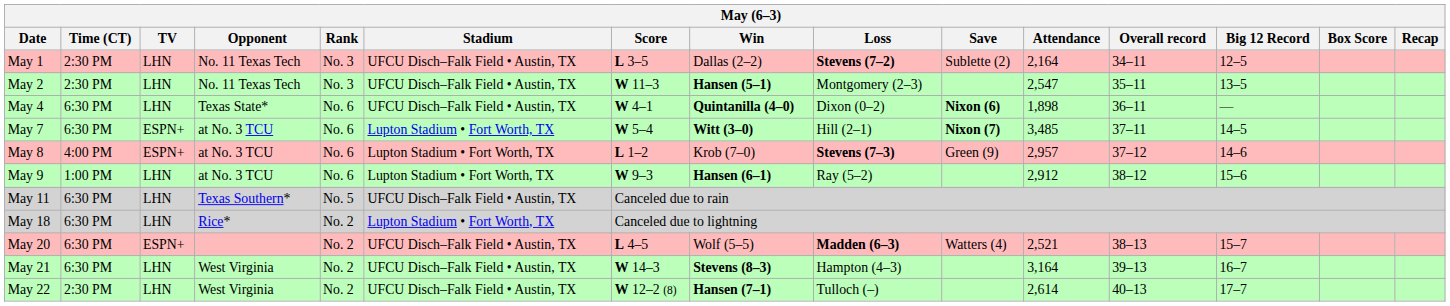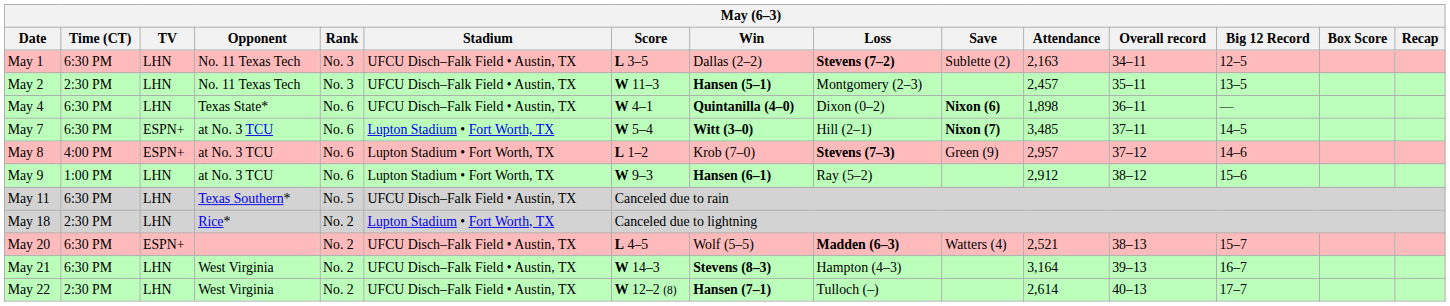 <table class="wikitable collapsible collapsed" style="margin:auto; font-size:95%; width:100%">
 <tr>
 <th colspan=15 style="padding-left:4em;">May (6–3)</th>
 </tr>
 <tr>
 <th>Date</th>
 <th>Time (CT)</th>
 <th>TV</th>
 <th>Opponent</th>
 <th>Rank</th>
 <th>Stadium</th>
 <th>Score</th>
 <th>Win</th>
 <th>Loss</th>
 <th>Save</th>
 <th>Attendance</th>
 <th>Overall record</th>
 <th>Big 12 Record</th>
 <th>Box Score</th>
 <th>Recap</th>
 </tr>
 <tr bgcolor=ffbbbb>
 <td>May 1</td>
-<td>2:30 PM</td>
+<td>6:30 PM</td>
 <td>LHN</td>
 <td>No. 11 Texas Tech</td>
 <td>No. 3</td>
 <td>UFCU Disch–Falk Field • Austin, TX</td>
 <td><strong>L</strong> 3–5</td>
 <td>Dallas (2–2)</td>
 <td><strong>Stevens (7–2)</strong></td>
 <td>Sublette (2)</td>
-<td>2,164</td>
+<td>2,163</td>
 <td>34–11</td>
 <td>12–5</td>
 <td></td>
 <td></td>
 </tr>
 <tr bgcolor=bbffbb>
 <td>May 2</td>
 <td>2:30 PM</td>
 <td>LHN</td>
 <td>No. 11 Texas Tech</td>
 <td>No. 3</td>
 <td>UFCU Disch–Falk Field • Austin, TX</td>
 <td><strong>W</strong> 11–3</td>
 <td><strong>Hansen (5–1)</strong></td>
 <td>Montgomery (2–3)</td>
 <td></td>
-<td>2,547</td>
+<td>2,457</td>
 <td>35–11</td>
 <td>13–5</td>
 <td></td>
 <td></td>
 </tr>
 <tr bgcolor=bbffbb>
 <td>May 4</td>
 <td>6:30 PM</td>
 <td>LHN</td>
 <td>Texas State*</td>
 <td>No. 6</td>
 <td>UFCU Disch–Falk Field • Austin, TX</td>
 <td><strong>W</strong> 4–1</td>
 <td><strong>Quintanilla (4–0)</strong></td>
 <td>Dixon (0–2)</td>
 <td><strong>Nixon (6)</strong></td>
 <td>1,898</td>
 <td>36–11</td>
 <td>—</td>
 <td></td>
 <td></td>
 </tr>
 <tr bgcolor=bbffbb>
 <td>May 7</td>
 <td>6:30 PM</td>
 <td>ESPN+</td>
 <td>at No. 3 <a href='#'>TCU</a></td>
 <td>No. 6</td>
 <td><a href='#'>Lupton Stadium</a> • <a href='#'>Fort Worth, TX</a></td>
 <td><strong>W</strong> 5–4</td>
 <td><strong>Witt (3–0)</strong></td>
 <td>Hill (2–1)</td>
 <td><strong>Nixon (7)</strong></td>
 <td>3,485</td>
 <td>37–11</td>
 <td>14–5</td>
 <td></td>
 <td></td>
 </tr>
 <tr bgcolor=ffbbbb>
 <td>May 8</td>
 <td>4:00 PM</td>
 <td>ESPN+</td>
 <td>at No. 3 TCU</td>
 <td>No. 6</td>
 <td>Lupton Stadium • Fort Worth, TX</td>
 <td><strong>L</strong> 1–2</td>
 <td>Krob (7–0)</td>
 <td><strong>Stevens (7–3)</strong></td>
 <td>Green (9)</td>
 <td>2,957</td>
 <td>37–12</td>
 <td>14–6</td>
 <td></td>
 <td></td>
 </tr>
 <tr bgcolor=bbffbb>
 <td>May 9</td>
 <td>1:00 PM</td>
 <td>LHN</td>
 <td>at No. 3 TCU</td>
 <td>No. 6</td>
 <td>Lupton Stadium • Fort Worth, TX</td>
 <td><strong>W</strong> 9–3</td>
 <td><strong>Hansen (6–1)</strong></td>
 <td>Ray (5–2)</td>
 <td></td>
 <td>2,912</td>
 <td>38–12</td>
 <td>15–6</td>
 <td></td>
 <td></td>
 </tr>
 <tr bgcolor=lightgrey>
 <td>May 11</td>
 <td>6:30 PM</td>
 <td>LHN</td>
 <td><a href='#'>Texas Southern</a>*</td>
 <td>No. 5</td>
 <td>UFCU Disch–Falk Field • Austin, TX</td>
 <td colspan =9>Canceled due to rain</td>
 </tr>
 <tr bgcolor=lightgrey>
 <td>May 18</td>
-<td>6:30 PM</td>
+<td>2:30 PM</td>
 <td>LHN</td>
 <td><a href='#'>Rice</a>*</td>
 <td>No. 2</td>
 <td><a href='#'>Lupton Stadium</a> • <a href='#'>Fort Worth, TX</a></td>
 <td colspan =9>Canceled due to lightning</td>
 </tr>
 <tr bgcolor=ffbbbb>
 <td>May 20</td>
 <td>6:30 PM</td>
 <td>ESPN+</td>
 <td></td>
 <td>No. 2</td>
 <td>UFCU Disch–Falk Field • Austin, TX</td>
 <td><strong>L</strong> 4–5</td>
 <td>Wolf (5–5)</td>
 <td><strong>Madden (6–3)</strong></td>
 <td>Watters (4)</td>
 <td>2,521</td>
 <td>38–13</td>
 <td>15–7</td>
 <td></td>
 <td></td>
 </tr>
 <tr bgcolor=bbffbb>
 <td>May 21</td>
 <td>6:30 PM</td>
 <td>LHN</td>
 <td>West Virginia</td>
 <td>No. 2</td>
 <td>UFCU Disch–Falk Field • Austin, TX</td>
 <td><strong>W</strong> 14–3</td>
 <td><strong>Stevens (8–3)</strong></td>
 <td>Hampton (4–3)</td>
 <td></td>
 <td>3,164</td>
 <td>39–13</td>
 <td>16–7</td>
 <td></td>
 <td></td>
 </tr>
 <tr bgcolor=bbffbb>
 <td>May 22</td>
 <td>2:30 PM</td>
 <td>LHN</td>
 <td>West Virginia</td>
 <td>No. 2</td>
 <td>UFCU Disch–Falk Field • Austin, TX</td>
 <td><strong>W</strong> 12–2 <small>(8)</small></td>
 <td><strong>Hansen (7–1)</strong></td>
 <td>Tulloch (–)</td>
 <td></td>
 <td>2,614</td>
 <td>40–13</td>
 <td>17–7</td>
 <td></td>
 <td></td>
 </tr>
 </table>
